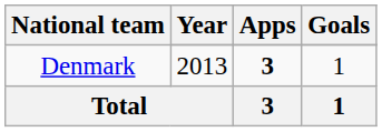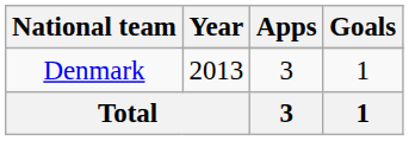 <table class="wikitable" style="text-align: center;">
 <tr>
 <th>National team</th>
 <th>Year</th>
 <th>Apps</th>
 <th>Goals</th>
 </tr>
 <tr>
 <td rowspan="2"><a href='#'>Denmark</a></td>
 </tr>
 <tr>
 <td>2013</td>
-<td><strong>3</strong></td>
+<td>3</td>
 <td>1</td>
 </tr>
 <tr>
 <th colspan="2">Total</th>
 <th>3</th>
 <th>1</th>
 </tr>
 </table>
